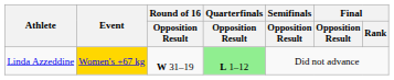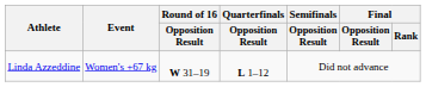 <table class="wikitable" style="font-size:90%;">
 <tr>
 <th rowspan=2>Athlete</th>
 <th rowspan=2>Event</th>
 <th>Round of 16</th>
 <th>Quarterfinals</th>
 <th>Semifinals</th>
 <th colspan="2">Final</th>
 </tr>
 <tr style="font-size:95%">
 <th>Opposition<br>Result</th>
 <th>Opposition<br>Result</th>
 <th>Opposition<br>Result</th>
 <th>Opposition<br>Result</th>
 <th>Rank</th>
 </tr>
 <tr align=center>
 <td align=left><a href='#'>Linda Azzeddine</a></td>
-<td align=left style="background: gold;"><a href='#'>Women's +67 kg</a></td>
+<td align=left><a href='#'>Women's +67 kg</a></td>
 <td><br><strong>W</strong> 31–19</td>
-<td style="background: lightgreen;"><br><strong>L</strong> 1–12</td>
+<td><br><strong>L</strong> 1–12</td>
 <td colspan="3">Did not advance</td>
 </tr>
 </table>
